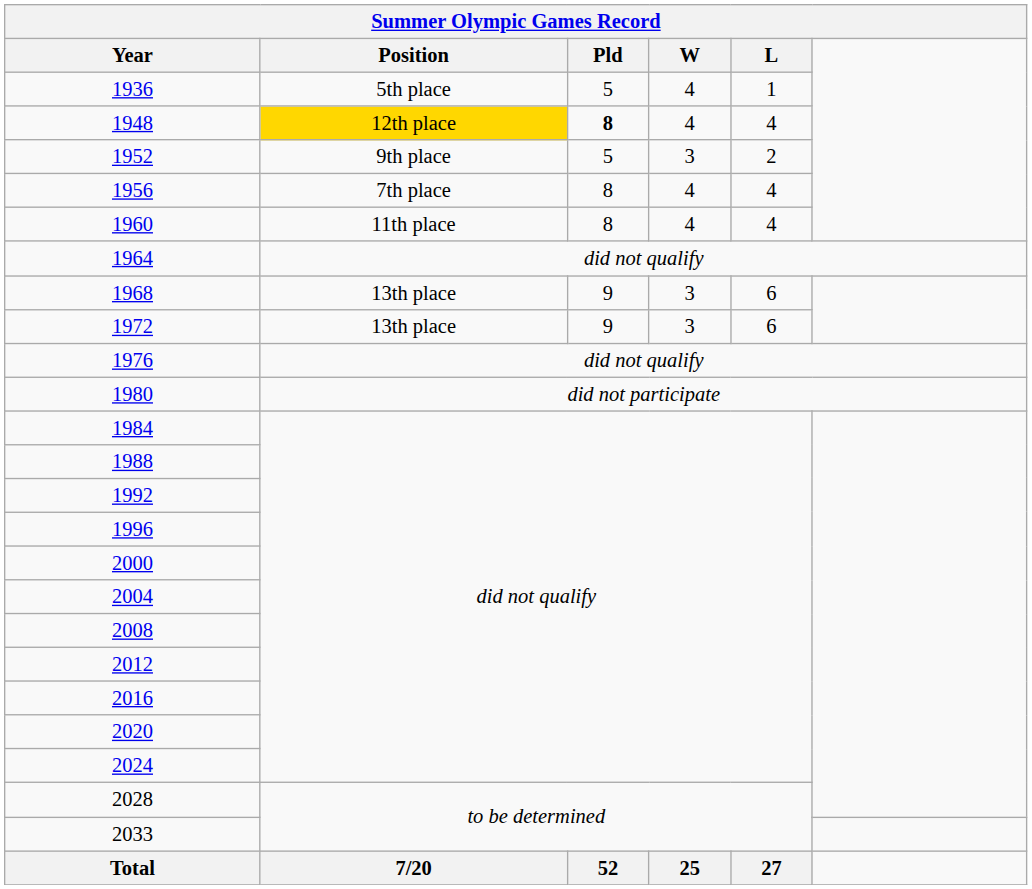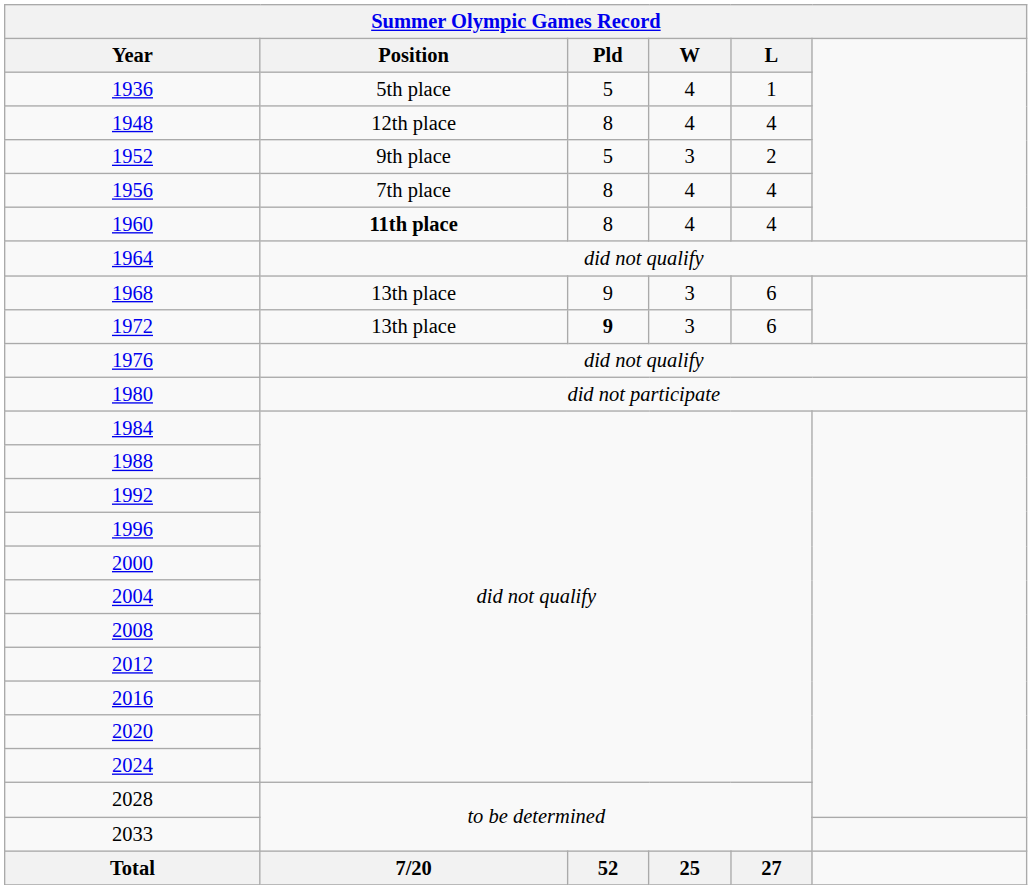 <table class="wikitable collapsible autocollapse"  style="text-align:center; font-size:95%; width:60%;">
 <tr>
 <th colspan=8><a href='#'>Summer Olympic Games Record</a></th>
 </tr>
 <tr>
 <th width=25%>Year</th>
 <th width=30%>Position</th>
 <th width=8%>Pld</th>
 <th width=8%>W</th>
 <th width=8%>L</th>
 </tr>
 <tr>
 <td> <a href='#'>1936</a></td>
 <td>5th place</td>
 <td>5</td>
 <td>4</td>
 <td>1</td>
 </tr>
 <tr>
 <td> <a href='#'>1948</a></td>
-<td style="background: gold;">12th place</td>
-<td><strong>8</strong></td>
+<td>12th place</td>
+<td>8</td>
 <td>4</td>
 <td>4</td>
 </tr>
 <tr>
 <td> <a href='#'>1952</a></td>
 <td>9th place</td>
 <td>5</td>
 <td>3</td>
 <td>2</td>
 </tr>
 <tr>
 <td> <a href='#'>1956</a></td>
 <td>7th place</td>
 <td>8</td>
 <td>4</td>
 <td>4</td>
 </tr>
 <tr>
 <td> <a href='#'>1960</a></td>
-<td>11th place</td>
+<td><strong>11th place</strong></td>
 <td>8</td>
 <td>4</td>
 <td>4</td>
 </tr>
 <tr>
 <td> <a href='#'>1964</a></td>
 <td colspan=5><em>did not qualify</em></td>
 </tr>
 <tr>
 <td> <a href='#'>1968</a></td>
 <td>13th place</td>
 <td>9</td>
 <td>3</td>
 <td>6</td>
 </tr>
 <tr>
 <td> <a href='#'>1972</a></td>
 <td>13th place</td>
-<td>9</td>
+<td><strong>9</strong></td>
 <td>3</td>
 <td>6</td>
 </tr>
 <tr>
 <td> <a href='#'>1976</a></td>
 <td colspan=5><em>did not qualify</em></td>
 </tr>
 <tr>
 <td> <a href='#'>1980</a></td>
 <td colspan=5><em>did not participate</em></td>
 </tr>
 <tr>
 <td> <a href='#'>1984</a></td>
 <td rowspan=11 colspan=4><em>did not qualify</em></td>
 </tr>
 <tr>
 <td> <a href='#'>1988</a></td>
 </tr>
 <tr>
 <td> <a href='#'>1992</a></td>
 </tr>
 <tr>
 <td> <a href='#'>1996</a></td>
 </tr>
 <tr>
 <td> <a href='#'>2000</a></td>
 </tr>
 <tr>
 <td> <a href='#'>2004</a></td>
 </tr>
 <tr>
 <td> <a href='#'>2008</a></td>
 </tr>
 <tr>
 <td> <a href='#'>2012</a></td>
 </tr>
 <tr>
 <td> <a href='#'>2016</a></td>
 </tr>
 <tr>
 <td> <a href='#'>2020</a></td>
 </tr>
 <tr>
 <td> <a href='#'>2024</a></td>
 </tr>
 <tr>
 <td> 2028</td>
 <td rowspan=2 colspan=4><em>to be determined</em></td>
 </tr>
 <tr>
 <td> 2033</td>
 <td></td>
 </tr>
 <tr>
 <th>Total</th>
 <th>7/20</th>
 <th>52</th>
 <th>25</th>
 <th>27</th>
 </tr>
 </table>
